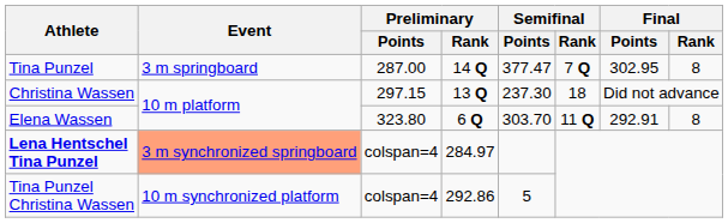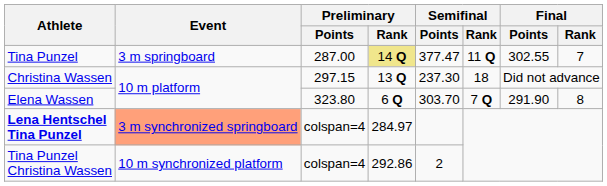 <table class=wikitable style="font-size:90%">
 <tr>
 <th rowspan="2">Athlete</th>
 <th rowspan="2">Event</th>
 <th colspan="2">Preliminary</th>
 <th colspan="2">Semifinal</th>
 <th colspan="2">Final</th>
 </tr>
 <tr style="font-size:95%">
 <th>Points</th>
 <th>Rank</th>
 <th>Points</th>
 <th>Rank</th>
 <th>Points</th>
 <th>Rank</th>
 </tr>
 <tr align=center>
 <td align=left><a href='#'>Tina Punzel</a></td>
 <td align=left><a href='#'>3 m springboard</a></td>
 <td>287.00</td>
-<td>14 <strong>Q</strong></td>
+<td style="background: khaki;">14 <strong>Q</strong></td>
 <td>377.47</td>
-<td>7 <strong>Q</strong></td>
-<td>302.95</td>
-<td>8</td>
+<td>11 <strong>Q</strong></td>
+<td>302.55</td>
+<td>7</td>
 </tr>
 <tr align=center>
 <td align=left><a href='#'>Christina Wassen</a></td>
 <td align=left rowspan=2><a href='#'>10 m platform</a></td>
 <td>297.15</td>
 <td>13 <strong>Q</strong></td>
 <td>237.30</td>
 <td>18</td>
 <td colspan=2>Did not advance</td>
 </tr>
 <tr align=center>
 <td align=left><a href='#'>Elena Wassen</a></td>
 <td>323.80</td>
 <td>6 <strong>Q</strong></td>
 <td>303.70</td>
-<td>11 <strong>Q</strong></td>
-<td>292.91</td>
+<td>7 <strong>Q</strong></td>
+<td>291.90</td>
 <td>8</td>
 </tr>
 <tr align=center>
 <td align=left><strong><a href='#'>Lena Hentschel</a><br><a href='#'>Tina Punzel</a></strong></td>
 <td align=left style="background: lightsalmon;"><a href='#'>3 m synchronized springboard</a></td>
 <td>colspan=4 </td>
 <td>284.97</td>
 <td></td>
 </tr>
 <tr align=center>
 <td align=left><a href='#'>Tina Punzel</a><br><a href='#'>Christina Wassen</a></td>
 <td align=left><a href='#'>10 m synchronized platform</a></td>
 <td>colspan=4 </td>
 <td>292.86</td>
-<td>5</td>
+<td>2</td>
 </tr>
 </table>
